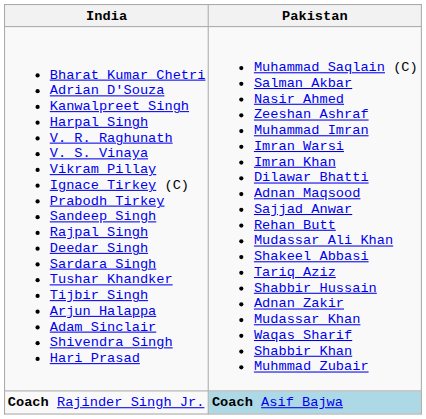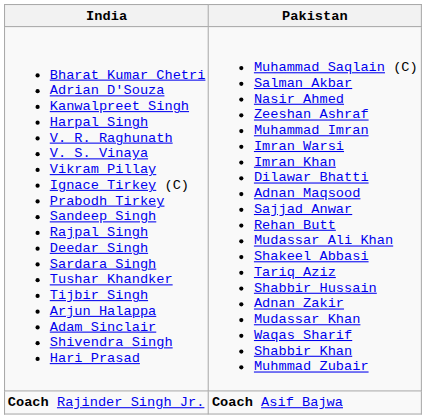 <table class="wikitable">
 <tr>
 <th> India</th>
 <th> Pakistan</th>
 </tr>
 <tr>
 <td><br><ul><li><a href='#'>Bharat Kumar Chetri</a></li><li><a href='#'>Adrian D'Souza</a></li><li><a href='#'>Kanwalpreet Singh</a></li><li><a href='#'>Harpal Singh</a></li><li><a href='#'>V. R. Raghunath</a></li><li><a href='#'>V. S. Vinaya</a></li><li><a href='#'>Vikram Pillay</a></li><li><a href='#'>Ignace Tirkey</a> (C)</li><li><a href='#'>Prabodh Tirkey</a></li><li><a href='#'>Sandeep Singh</a></li><li><a href='#'>Rajpal Singh</a></li><li><a href='#'>Deedar Singh</a></li><li><a href='#'>Sardara Singh</a></li><li><a href='#'>Tushar Khandker</a></li><li><a href='#'>Tijbir Singh</a></li><li><a href='#'>Arjun Halappa</a></li><li><a href='#'>Adam Sinclair</a></li><li><a href='#'>Shivendra Singh</a></li><li><a href='#'>Hari Prasad</a></li></ul></td>
 <td><br><ul><li><a href='#'>Muhammad Saqlain</a> (C)</li><li><a href='#'>Salman Akbar</a></li><li><a href='#'>Nasir Ahmed</a></li><li><a href='#'>Zeeshan Ashraf</a></li><li><a href='#'>Muhammad Imran</a></li><li><a href='#'>Imran Warsi</a></li><li><a href='#'>Imran Khan</a></li><li><a href='#'>Dilawar Bhatti</a></li><li><a href='#'>Adnan Maqsood</a></li><li><a href='#'>Sajjad Anwar</a></li><li><a href='#'>Rehan Butt</a></li><li><a href='#'>Mudassar Ali Khan</a></li><li><a href='#'>Shakeel Abbasi</a></li><li><a href='#'>Tariq Aziz</a></li><li><a href='#'>Shabbir Hussain</a></li><li><a href='#'>Adnan Zakir</a></li><li><a href='#'>Mudassar Khan</a></li><li><a href='#'>Waqas Sharif</a></li><li><a href='#'>Shabbir Khan</a></li><li><a href='#'>Muhmmad Zubair</a></li></ul></td>
 </tr>
 <tr>
 <td><strong>Coach</strong>  <a href='#'>Rajinder Singh Jr.</a></td>
-<td style="background: lightblue;"><strong>Coach</strong>  <a href='#'>Asif Bajwa</a></td>
+<td><strong>Coach</strong>  <a href='#'>Asif Bajwa</a></td>
 </tr>
 </table>
